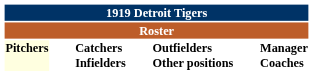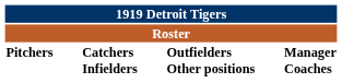 <table class="toccolours" style="font-size: 95%;">
 <tr>
 <th colspan="10" style="background-color: #003366; color: white; text-align: center;">1919 Detroit Tigers</th>
 </tr>
 <tr>
 <td colspan="10" style="background-color: #bd5d29; color: white; text-align: center;"><strong>Roster</strong></td>
 </tr>
 <tr>
-<td valign="top" style="background: lightyellow;"><strong>Pitchers</strong><br>          </td>
+<td valign="top"><strong>Pitchers</strong><br>          </td>
 <td width="25px"></td>
 <td valign="top"><strong>Catchers</strong><br>   <strong>Infielders</strong>      </td>
 <td width="25px"></td>
 <td valign="top"><strong>Outfielders</strong><br>    <strong>Other positions</strong> </td>
 <td width="25px"></td>
 <td valign="top"><strong>Manager</strong><br> <strong>Coaches</strong> </td>
 </tr>
 </table>
